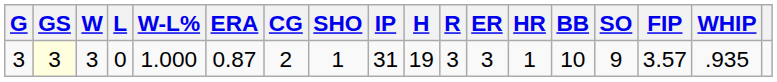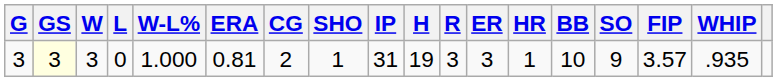 <table class="wikitable" style="font-size:95%;text-align:center;">
 <tr>
 <th><a href='#'>G</a></th>
 <th><a href='#'>GS</a></th>
 <th><a href='#'>W</a></th>
 <th><a href='#'>L</a></th>
 <th><a href='#'>W-L%</a></th>
 <th><a href='#'>ERA</a></th>
 <th><a href='#'>CG</a></th>
 <th><a href='#'>SHO</a></th>
 <th><a href='#'>IP</a></th>
 <th><a href='#'>H</a></th>
 <th><a href='#'>R</a></th>
 <th><a href='#'>ER</a></th>
 <th><a href='#'>HR</a></th>
 <th><a href='#'>BB</a></th>
 <th><a href='#'>SO</a></th>
 <th><a href='#'>FIP</a></th>
 <th><a href='#'>WHIP</a></th>
 <th></th>
 </tr>
 <tr>
 <td>3</td>
 <td style="background: lightyellow;">3</td>
 <td>3</td>
 <td>0</td>
 <td>1.000</td>
-<td>0.87</td>
+<td>0.81</td>
 <td>2</td>
 <td>1</td>
 <td>31</td>
 <td>19</td>
 <td>3</td>
 <td>3</td>
 <td>1</td>
 <td>10</td>
 <td>9</td>
 <td>3.57</td>
 <td>.935</td>
 <td></td>
 </tr>
 </table>
